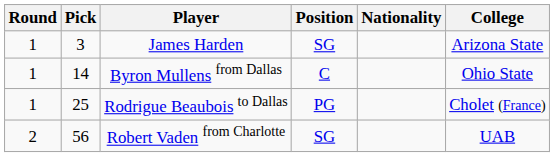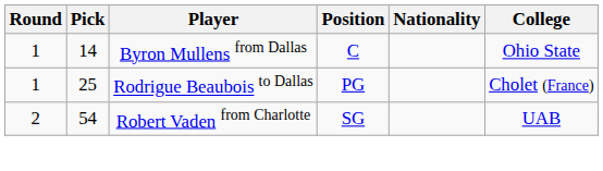 <table class="wikitable sortable sortable">
 <tr>
 <th>Round</th>
 <th>Pick</th>
 <th>Player</th>
 <th>Position</th>
 <th>Nationality</th>
 <th>College</th>
-</tr>
-<tr style="text-align: center">
-<td>1</td>
-<td>3</td>
-<td><a href='#'>James Harden</a></td>
-<td><a href='#'>SG</a></td>
-<td></td>
-<td><a href='#'>Arizona State</a></td>
 </tr>
 <tr style="text-align: center">
 <td>1</td>
 <td>14</td>
 <td><a href='#'>Byron Mullens</a> <sup>from Dallas</sup></td>
 <td><a href='#'>C</a></td>
 <td></td>
 <td><a href='#'>Ohio State</a></td>
 </tr>
 <tr style="text-align: center">
 <td>1</td>
 <td>25</td>
 <td><a href='#'>Rodrigue Beaubois</a> <sup>to Dallas</sup></td>
 <td><a href='#'>PG</a></td>
 <td></td>
 <td><a href='#'>Cholet</a> <small>(<a href='#'>France</a>)</small></td>
 </tr>
 <tr style="text-align: center">
 <td>2</td>
-<td>56</td>
+<td>54</td>
 <td><a href='#'>Robert Vaden</a> <sup>from Charlotte</sup></td>
 <td><a href='#'>SG</a></td>
 <td></td>
 <td><a href='#'>UAB</a></td>
 </tr>
 </table>
